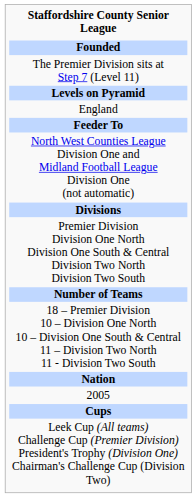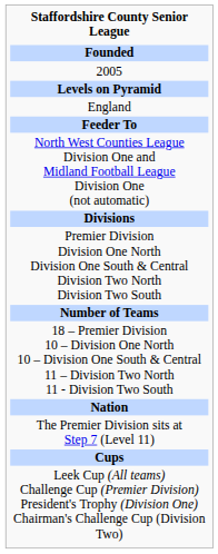 <table class="infobox football" style="width: 16em; text-align: center;">
 <tr>
 <th style="">Staffordshire County Senior League</th>
 </tr>
 <tr>
 <td style="line-height: 15px;"></td>
 </tr>
 <tr>
 <td style="background: #BFD7FF;"><strong>Founded</strong></td>
 </tr>
 <tr>
-<td style="">The Premier Division sits at<br><a href='#'>Step 7</a> (Level 11)</td>
+<td style="">2005</td>
 </tr>
 <tr>
 <td style="background: #BFD7FF;"><strong>Levels on Pyramid</strong></td>
 </tr>
 <tr>
 <td style="">England</td>
 </tr>
 <tr>
 <td style="background: #BFD7FF;"><strong>Feeder To</strong></td>
 </tr>
 <tr>
 <td style=""><a href='#'>North West Counties League</a><br>Division One and<br> <a href='#'>Midland Football League</a><br>Division One<br>(not automatic)</td>
 </tr>
 <tr>
 <td style="background: #BFD7FF;"><strong>Divisions</strong></td>
 </tr>
 <tr>
 <td style="">Premier Division<br>Division One North<br>Division One South & Central<br>Division Two North<br>Division Two South</td>
 </tr>
 <tr>
 <td style="background: #BFD7FF;"><strong>Number of Teams</strong></td>
 </tr>
 <tr>
 <td style="">18 – Premier Division<br>10 – Division One North<br>10 – Division One South & Central<br>11 – Division Two North<br>11 - Division Two South</td>
 </tr>
 <tr>
 <td style="background: #BFD7FF;"><strong>Nation</strong></td>
 </tr>
 <tr>
-<td style="">2005</td>
+<td style="">The Premier Division sits at<br><a href='#'>Step 7</a> (Level 11)</td>
 </tr>
 <tr>
 <td style="background: #BFD7FF;"><strong>Cups</strong></td>
 </tr>
 <tr>
 <td style="">Leek Cup <em>(All teams)</em><br>Challenge Cup <em>(Premier Division)</em><br>President's Trophy <em>(Division One)</em><br>Chairman's Challenge Cup (Division Two)</td>
 </tr>
 <tr>
 </tr>
 </table>
